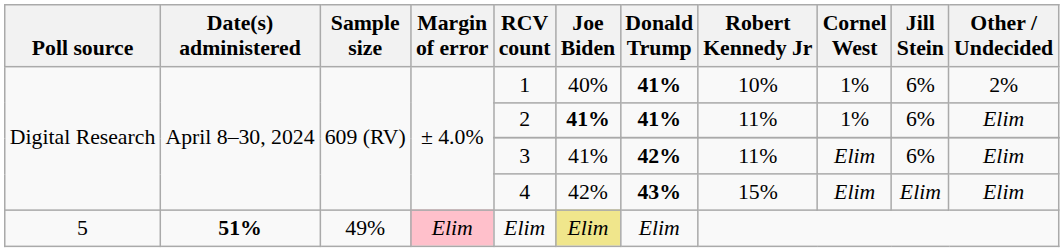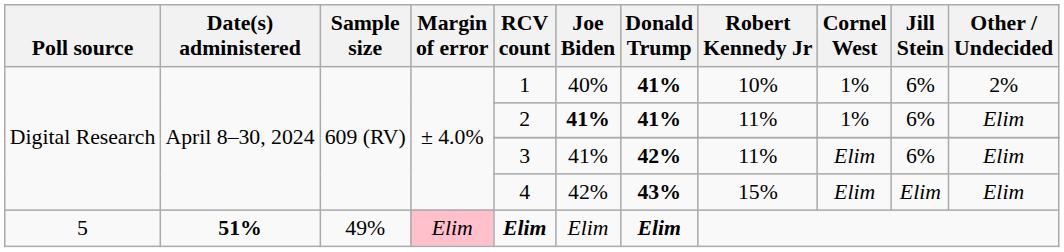 <table class="wikitable sortable mw-datatable" style="font-size:90%;text-align:center;line-height:17px">
 <tr style="vertical-align:bottom">
 <th>Poll source</th>
 <th>Date(s)<br>administered</th>
 <th>Sample<br>size</th>
 <th>Margin<br>of error</th>
 <th>RCV<br>count</th>
 <th class="unsortable">Joe<br>Biden<br></th>
 <th class="unsortable">Donald<br>Trump<br></th>
 <th class="unsortable">Robert<br>Kennedy Jr<br></th>
 <th class="unsortable">Cornel<br>West<br></th>
 <th class="unsortable">Jill<br>Stein<br></th>
 <th class="unsortable">Other /<br>Undecided</th>
 </tr>
 <tr>
 <td style="text-align:left;" rowspan="5">Digital Research</td>
 <td rowspan="5">April 8–30, 2024</td>
 <td rowspan="5">609 (RV)</td>
 <td rowspan="5">± 4.0%</td>
 <td>1</td>
 <td>40%</td>
 <td style="background-color:"><strong>41%</strong></td>
 <td>10%</td>
 <td>1%</td>
 <td>6%</td>
 <td>2%</td>
 </tr>
 <tr>
 <td>2</td>
 <td><strong>41%</strong></td>
 <td><strong>41%</strong></td>
 <td>11%</td>
 <td>1%</td>
 <td>6%</td>
 <td><em>Elim</em></td>
 </tr>
 <tr>
 </tr>
 <tr>
 <td>3</td>
 <td>41%</td>
 <td style="background-color:"><strong>42%</strong></td>
 <td>11%</td>
 <td><em>Elim</em></td>
 <td>6%</td>
 <td><em>Elim</em></td>
 </tr>
 <tr>
 <td>4</td>
 <td>42%</td>
 <td style="background-color:"><strong>43%</strong></td>
 <td>15%</td>
 <td><em>Elim</em></td>
 <td><em>Elim</em></td>
 <td><em>Elim</em></td>
 </tr>
 <tr>
 <td>5</td>
 <td style="color:black;background-color:"><strong>51%</strong></td>
 <td>49%</td>
 <td style="background: pink;"><em>Elim</em></td>
+<td><strong><em>Elim</em></strong></td>
 <td><em>Elim</em></td>
-<td style="background: khaki;"><em>Elim</em></td>
-<td><em>Elim</em></td>
+<td><strong><em>Elim</em></strong></td>
 </tr>
 </table>
